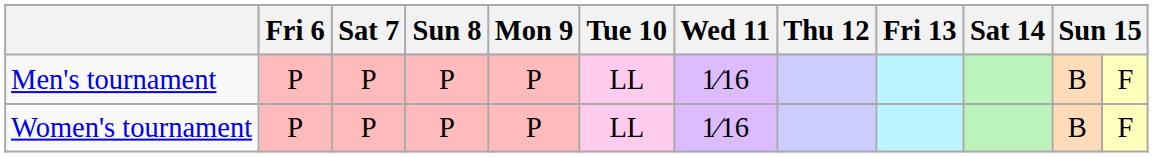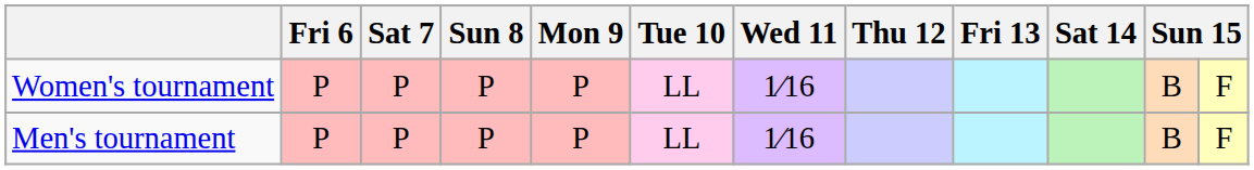 <table class="wikitable" style="margin:0.5em auto; font-size:90%; line-height:1.25em; text-align:center">
 <tr>
 <th></th>
 <th>Fri 6</th>
 <th>Sat 7</th>
 <th>Sun 8</th>
 <th>Mon 9</th>
 <th>Tue 10</th>
 <th>Wed 11</th>
 <th>Thu 12</th>
 <th>Fri 13</th>
 <th>Sat 14</th>
 <th colspan=2>Sun 15</th>
 </tr>
 <tr>
+<td align="left"><a href='#'>Women's tournament</a></td>
+<td bgcolor="#FFBBBB">P</td>
+<td bgcolor="#FFBBBB">P</td>
+<td bgcolor="#FFBBBB">P</td>
+<td bgcolor="#FFBBBB">P</td>
+<td bgcolor="#FFCCEE">LL</td>
+<td bgcolor="#DDBBFF">1⁄16</td>
+<td bgcolor="#CCCCFF"></td>
+<td bgcolor="#BBF3FF"></td>
+<td bgcolor="#BBF3BB"></td>
+<td bgcolor="#FEDCBA">B</td>
+<td bgcolor="#FFFFBB">F</td>
+</tr>
+<tr>
 <td align="left"><a href='#'>Men's tournament</a></td>
 <td bgcolor="#FFBBBB">P</td>
 <td bgcolor="#FFBBBB">P</td>
 <td bgcolor="#FFBBBB">P</td>
 <td bgcolor="#FFBBBB">P</td>
 <td bgcolor="#FFCCEE">LL</td>
 <td bgcolor="#DDBBFF">1⁄16</td>
 <td bgcolor="#CCCCFF"></td>
 <td bgcolor="#BBF3FF"></td>
 <td bgcolor="#BBF3BB"></td>
 <td bgcolor="#FEDCBA">B</td>
 <td bgcolor="#FFFFBB">F</td>
 </tr>
-<tr>
-<td align="left"><a href='#'>Women's tournament</a></td>
-<td bgcolor="#FFBBBB">P</td>
-<td bgcolor="#FFBBBB">P</td>
-<td bgcolor="#FFBBBB">P</td>
-<td bgcolor="#FFBBBB">P</td>
-<td bgcolor="#FFCCEE">LL</td>
-<td bgcolor="#DDBBFF">1⁄16</td>
-<td bgcolor="#CCCCFF"></td>
-<td bgcolor="#BBF3FF"></td>
-<td bgcolor="#BBF3BB"></td>
-<td bgcolor="#FEDCBA">B</td>
-<td bgcolor="#FFFFBB">F</td>
-</tr>
 </table>
